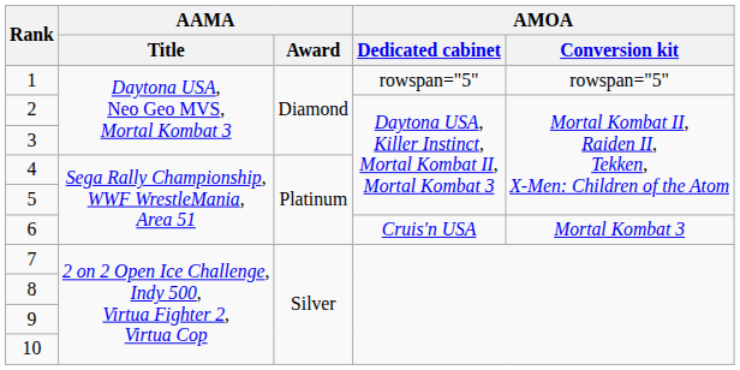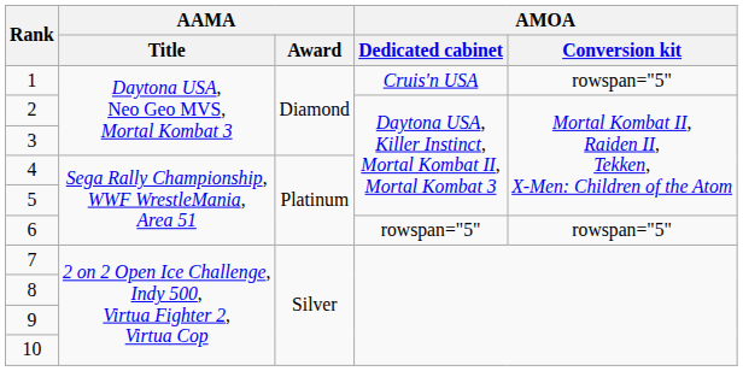 <table class="wikitable sortable" style="text-align:center">
 <tr>
 <th rowspan="2">Rank</th>
 <th colspan="2">AAMA</th>
 <th colspan="2">AMOA</th>
 </tr>
 <tr>
 <th>Title</th>
 <th>Award</th>
 <th><a href='#'>Dedicated cabinet</a></th>
 <th><a href='#'>Conversion kit</a></th>
 </tr>
 <tr>
 <td>1</td>
 <td rowspan="3"><em><a href='#'>Daytona USA</a></em>, <br> <a href='#'>Neo Geo MVS</a>, <br> <em><a href='#'>Mortal Kombat 3</a></em></td>
 <td rowspan="3">Diamond</td>
-<td>rowspan="5" </td>
+<td><em><a href='#'>Cruis'n USA</a></em></td>
 <td>rowspan="5" </td>
 </tr>
 <tr>
 <td>2</td>
 <td rowspan="4"><em><a href='#'>Daytona USA</a></em>, <br> <em><a href='#'>Killer Instinct</a></em>, <br> <em><a href='#'>Mortal Kombat II</a></em>, <br> <em><a href='#'>Mortal Kombat 3</a></em></td>
 <td rowspan="4"><em><a href='#'>Mortal Kombat II</a></em>, <br> <em><a href='#'>Raiden II</a></em>, <br> <em><a href='#'>Tekken</a></em>, <br> <em><a href='#'>X-Men: Children of the Atom</a></em></td>
 </tr>
 <tr>
 <td>3</td>
 </tr>
 <tr>
 <td>4</td>
 <td rowspan="3"><em><a href='#'>Sega Rally Championship</a></em>, <br> <em><a href='#'>WWF WrestleMania</a></em>, <br> <em><a href='#'>Area 51</a></em></td>
 <td rowspan="3">Platinum</td>
 </tr>
 <tr>
 <td>5</td>
 </tr>
 <tr>
 <td>6</td>
-<td><em><a href='#'>Cruis'n USA</a></em></td>
-<td><em><a href='#'>Mortal Kombat 3</a></em></td>
+<td>rowspan="5" </td>
+<td>rowspan="5" </td>
 </tr>
 <tr>
 <td>7</td>
 <td rowspan="4"><em><a href='#'>2 on 2 Open Ice Challenge</a></em>, <br> <em><a href='#'>Indy 500</a></em>, <br> <em><a href='#'>Virtua Fighter 2</a></em>, <br> <em><a href='#'>Virtua Cop</a></em></td>
 <td rowspan="4">Silver</td>
 </tr>
 <tr>
 <td>8</td>
 </tr>
 <tr>
 <td>9</td>
 </tr>
 <tr>
 <td>10</td>
 </tr>
 </table>
